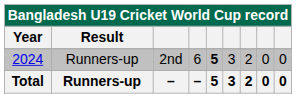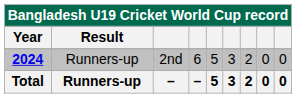 <table class="wikitable" style="text-align:center">
 <tr>
 <th style="color:white; background:#006A4E;" colspan=9>Bangladesh U19 Cricket World Cup record</th>
 </tr>
 <tr>
 <th>Year</th>
 <th>Result</th>
 <th></th>
 <th></th>
 <th></th>
 <th></th>
 <th></th>
 <th></th>
 <th></th>
 </tr>
 <tr bgcolor=pink>
 </tr>
 <tr bgcolor=silver>
-<td> <a href='#'>2024</a></td>
+<td><strong> <a href='#'>2024</a></strong></td>
 <td>Runners-up</td>
 <td>2nd</td>
 <td>6</td>
-<td><strong>5</strong></td>
+<td>5</td>
 <td>3</td>
 <td>2</td>
 <td>0</td>
 <td>0</td>
 </tr>
 <tr>
 <th>Total</th>
 <th>Runners-up</th>
 <th>–</th>
 <th>–</th>
 <th>5</th>
 <th>3</th>
 <th>2</th>
 <th>0</th>
 <th>0</th>
 </tr>
 </table>
